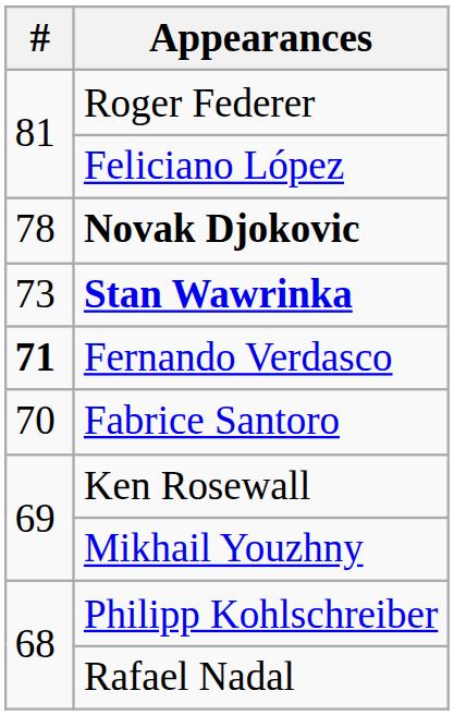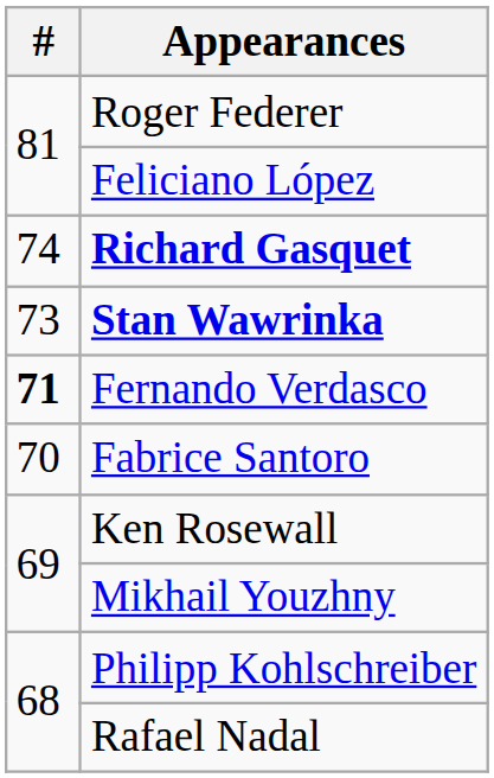 <table class=wikitable style="display:inline-table;">
 <tr>
 <th width=20>#</th>
 <th>Appearances</th>
 </tr>
 <tr>
 <td rowspan="2">81</td>
 <td> Roger Federer</td>
 </tr>
 <tr>
 <td> <a href='#'>Feliciano López</a></td>
 </tr>
 <tr>
-<td>78</td>
-<td> <strong>Novak Djokovic</strong></td>
+<td>74</td>
+<td> <strong><a href='#'>Richard Gasquet</a> </strong></td>
 </tr>
 <tr>
 <td>73</td>
 <td> <strong><a href='#'>Stan Wawrinka</a></strong></td>
 </tr>
 <tr>
 <td><strong>71</strong></td>
 <td> <a href='#'>Fernando Verdasco</a></td>
 </tr>
 <tr>
 <td>70</td>
 <td> <a href='#'>Fabrice Santoro</a></td>
 </tr>
 <tr>
 <td rowspan="2">69</td>
 <td> Ken Rosewall</td>
 </tr>
 <tr>
 <td> <a href='#'>Mikhail Youzhny</a></td>
 </tr>
 <tr>
 <td rowspan="2">68</td>
 <td> <a href='#'>Philipp Kohlschreiber</a></td>
 </tr>
 <tr>
 <td> Rafael Nadal</td>
 </tr>
 </table>
